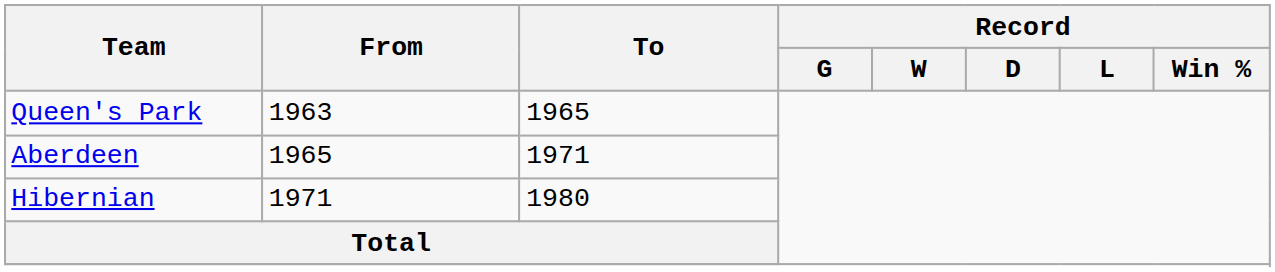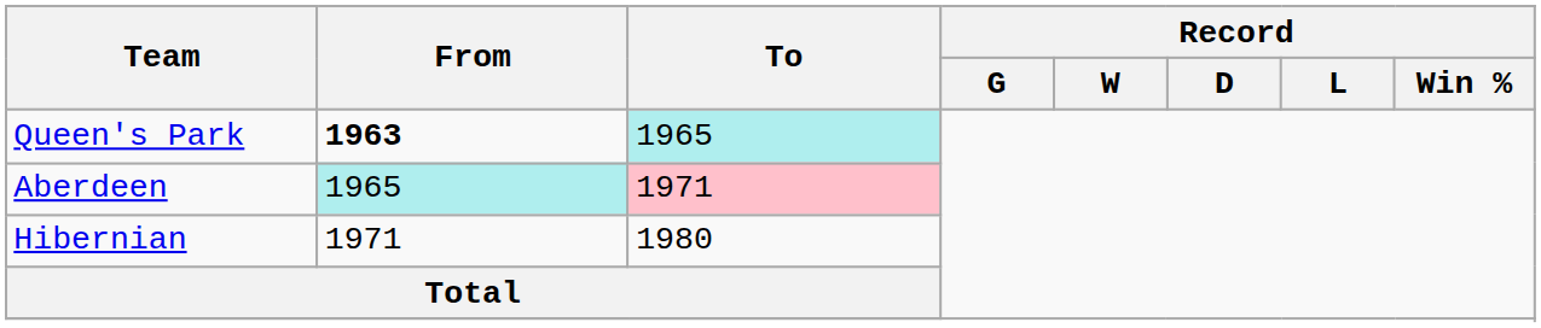 <table class="wikitable" style="text-align: center">
 <tr>
 <th rowspan=2! width=120>Team</th>
 <th rowspan=2! width=120>From</th>
 <th rowspan=2! width=120>To</th>
 <th colspan=5>Record</th>
 </tr>
 <tr>
 <th width=40>G</th>
 <th width=40>W</th>
 <th width=40>D</th>
 <th width=40>L</th>
 <th width=50>Win %</th>
 </tr>
 <tr>
 <td align=left><a href='#'>Queen's Park</a></td>
-<td align=left>1963</td>
-<td align=left>1965<br></td>
+<td align=left><strong>1963</strong></td>
+<td align=left style="background: paleturquoise;">1965<br></td>
 </tr>
 <tr>
 <td align=left><a href='#'>Aberdeen</a></td>
-<td align=left>1965</td>
-<td align=left>1971<br></td>
+<td align=left style="background: paleturquoise;">1965</td>
+<td align=left style="background: pink;">1971<br></td>
 </tr>
 <tr>
 <td align=left><a href='#'>Hibernian</a></td>
 <td align=left>1971</td>
 <td align=left>1980<br></td>
 </tr>
 <tr>
 <th align=left colspan=3>Total<br></th>
 </tr>
 <tr>
 </tr>
 </table>
